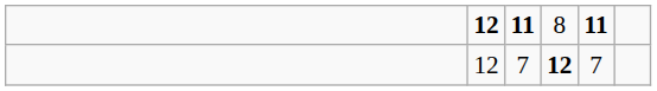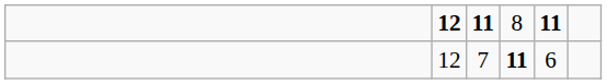 <table class="wikitable">
 <tr>
 <td style="width:18em"><strong> </strong></td>
 <td align=center style="width:1em"><strong>12</strong></td>
 <td align=center style="width:1em"><strong>11</strong></td>
 <td align=center style="width:1em">8</td>
 <td align=center style="width:1em"><strong>11</strong></td>
 <td align=center style="width:1em"></td>
 </tr>
 <tr>
 <td style="width:18em"></td>
 <td align=center style="width:1em">12</td>
 <td align=center style="width:1em">7</td>
-<td align=center style="width:1em"><strong>12</strong></td>
-<td align=center style="width:1em">7</td>
+<td align=center style="width:1em"><strong>11</strong></td>
+<td align=center style="width:1em">6</td>
 <td align=center style="width:1em"></td>
 </tr>
 </table>
